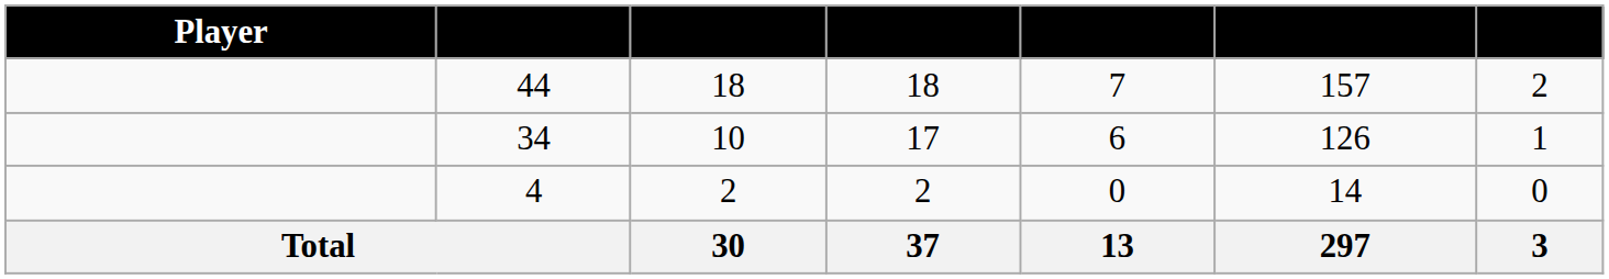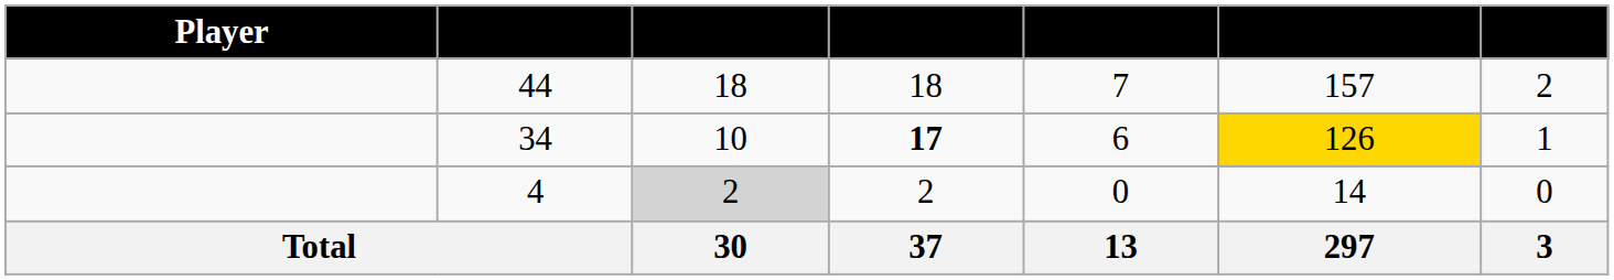 <table class="wikitable sortable" style="width:60%; text-align:center;">
 <tr>
 <th style="color:white; background:#000000; ">Player</th>
 <th style="color:white; background:#000000; "></th>
 <th style="color:white; background:#000000; "></th>
 <th style="color:white; background:#000000; "></th>
 <th style="color:white; background:#000000; "></th>
 <th style="color:white; background:#000000; "></th>
 <th style="color:white; background:#000000; "></th>
 </tr>
 <tr>
 <td></td>
 <td>44</td>
 <td>18</td>
 <td>18</td>
 <td>7</td>
 <td>157</td>
 <td>2</td>
 </tr>
 <tr>
 <td></td>
 <td>34</td>
 <td>10</td>
-<td>17</td>
+<td><strong>17</strong></td>
 <td>6</td>
-<td>126</td>
+<td style="background: gold;">126</td>
 <td>1</td>
 </tr>
 <tr>
 <td></td>
 <td>4</td>
-<td>2</td>
+<td style="background: lightgrey;">2</td>
 <td>2</td>
 <td>0</td>
 <td>14</td>
 <td>0</td>
 </tr>
 <tr class="sortbottom">
 <th colspan=2>Total</th>
 <th>30</th>
 <th>37</th>
 <th>13</th>
 <th>297</th>
 <th>3</th>
 </tr>
 </table>
